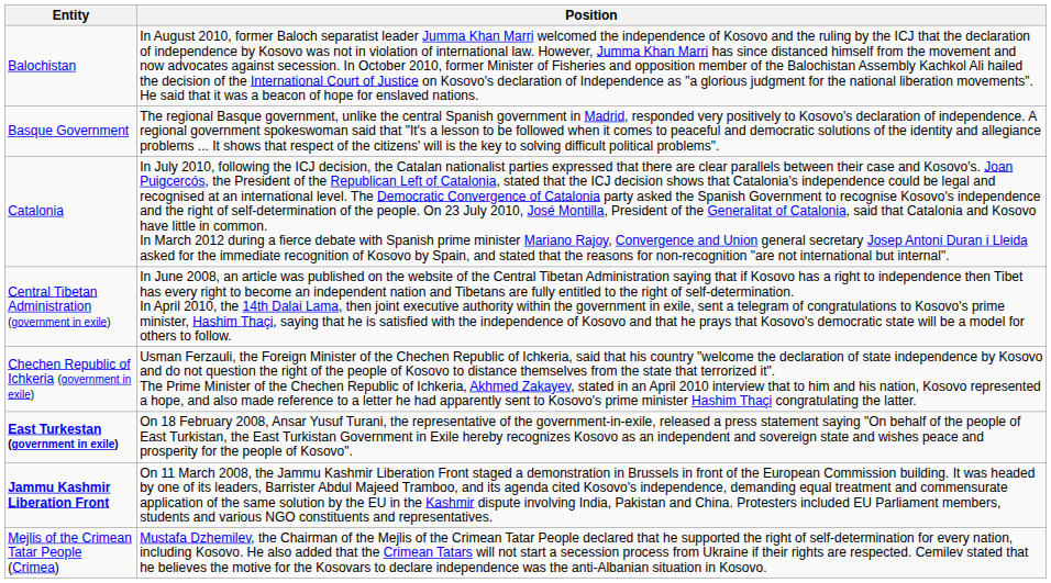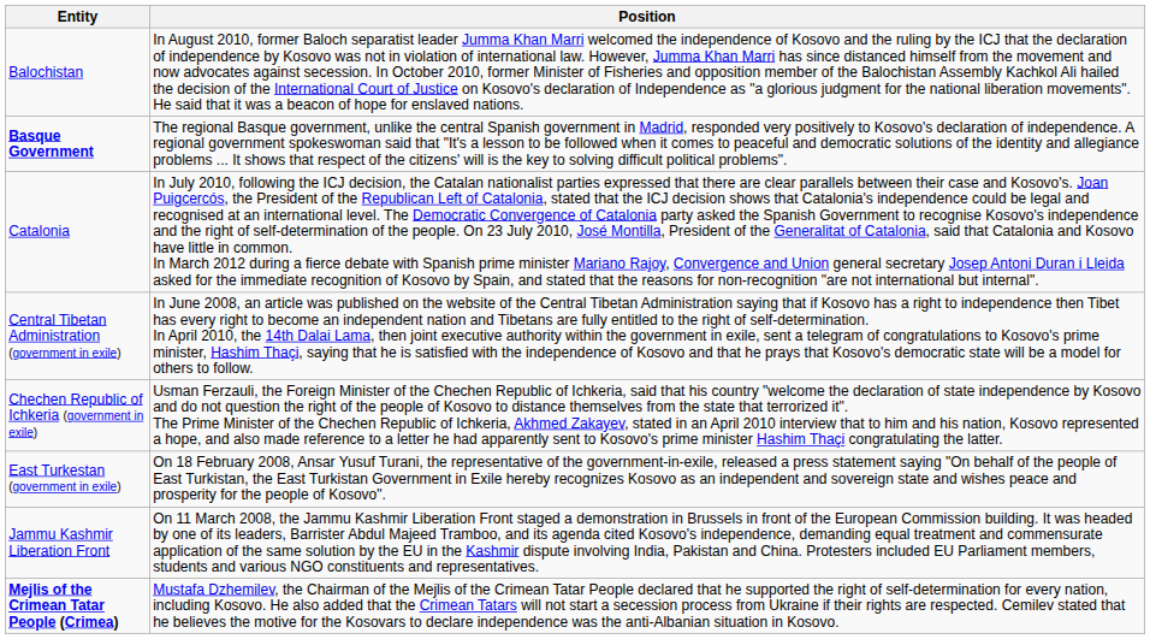 <table class="wikitable" style="margin:auto; width:100%;">
 <tr>
 <th>Entity</th>
 <th>Position</th>
 </tr>
 <tr>
 <td><a href='#'>Balochistan</a></td>
 <td>In August 2010, former Baloch separatist leader <a href='#'>Jumma Khan Marri</a> welcomed the independence of Kosovo and the ruling by the ICJ that the declaration of independence by Kosovo was not in violation of international law. However, <a href='#'>Jumma Khan Marri</a> has since distanced himself from the movement and now advocates against secession. In October 2010, former Minister of Fisheries and opposition member of the Balochistan Assembly Kachkol Ali hailed the decision of the <a href='#'>International Court of Justice</a> on Kosovo's declaration of Independence as "a glorious judgment for the national liberation movements". He said that it was a beacon of hope for enslaved nations.</td>
 </tr>
 <tr>
-<td> <a href='#'>Basque Government</a></td>
+<td><strong> <a href='#'>Basque Government</a></strong></td>
 <td>The regional Basque government, unlike the central Spanish government in <a href='#'>Madrid</a>, responded very positively to Kosovo's declaration of independence. A regional government spokeswoman said that "It's a lesson to be followed when it comes to peaceful and democratic solutions of the identity and allegiance problems ... It shows that respect of the citizens' will is the key to solving difficult political problems".</td>
 </tr>
 <tr>
 <td> <a href='#'>Catalonia</a></td>
 <td>In July 2010, following the ICJ decision, the Catalan nationalist parties expressed that there are clear parallels between their case and Kosovo's. <a href='#'>Joan Puigcercós</a>, the President of the <a href='#'>Republican Left of Catalonia</a>, stated that the ICJ decision shows that Catalonia's independence could be legal and recognised at an international level. The <a href='#'>Democratic Convergence of Catalonia</a> party asked the Spanish Government to recognise Kosovo's independence and the right of self-determination of the people. On 23 July 2010, <a href='#'>José Montilla</a>, President of the <a href='#'>Generalitat of Catalonia</a>, said that Catalonia and Kosovo have little in common.<br>In March 2012 during a fierce debate with Spanish prime minister <a href='#'>Mariano Rajoy</a>, <a href='#'>Convergence and Union</a> general secretary <a href='#'>Josep Antoni Duran i Lleida</a> asked for the immediate recognition of Kosovo by Spain, and stated that the reasons for non-recognition "are not international but internal".</td>
 </tr>
 <tr>
 <td> <a href='#'>Central Tibetan Administration</a> <small>(<a href='#'>government in exile</a>)</small></td>
 <td>In June 2008, an article was published on the website of the Central Tibetan Administration saying that if Kosovo has a right to independence then Tibet has every right to become an independent nation and Tibetans are fully entitled to the right of self-determination.<br>In April 2010, the <a href='#'>14th Dalai Lama</a>, then joint executive authority within the government in exile, sent a telegram of congratulations to Kosovo's prime minister, <a href='#'>Hashim Thaçi</a>, saying that he is satisfied with the independence of Kosovo and that he prays that Kosovo's democratic state will be a model for others to follow.</td>
 </tr>
 <tr>
 <td> <a href='#'>Chechen Republic of Ichkeria</a> <small>(<a href='#'>government in exile</a>)</small></td>
 <td>Usman Ferzauli, the Foreign Minister of the Chechen Republic of Ichkeria, said that his country "welcome the declaration of state independence by Kosovo and do not question the right of the people of Kosovo to distance themselves from the state that terrorized it".<br>The Prime Minister of the Chechen Republic of Ichkeria, <a href='#'>Akhmed Zakayev</a>, stated in an April 2010 interview that to him and his nation, Kosovo represented a hope, and also made reference to a letter he had apparently sent to Kosovo's prime minister <a href='#'>Hashim Thaçi</a> congratulating the latter.</td>
 </tr>
 <tr>
-<td><strong> <a href='#'>East Turkestan</a> <small>(<a href='#'>government in exile</a>)</small></strong></td>
+<td> <a href='#'>East Turkestan</a> <small>(<a href='#'>government in exile</a>)</small></td>
 <td>On 18 February 2008, Ansar Yusuf Turani, the representative of the government-in-exile, released a press statement saying "On behalf of the people of East Turkistan, the East Turkistan Government in Exile hereby recognizes Kosovo as an independent and sovereign state and wishes peace and prosperity for the people of Kosovo".</td>
 </tr>
 <tr>
-<td><strong> <a href='#'>Jammu Kashmir Liberation Front</a></strong></td>
+<td> <a href='#'>Jammu Kashmir Liberation Front</a></td>
 <td>On 11 March 2008, the Jammu Kashmir Liberation Front staged a demonstration in Brussels in front of the European Commission building. It was headed by one of its leaders, Barrister Abdul Majeed Tramboo, and its agenda cited Kosovo's independence, demanding equal treatment and commensurate application of the same solution by the EU in the <a href='#'>Kashmir</a> dispute involving India, Pakistan and China. Protesters included EU Parliament members, students and various NGO constituents and representatives.</td>
 </tr>
 <tr>
-<td> <a href='#'>Mejlis of the Crimean Tatar People</a> (<a href='#'>Crimea</a>)</td>
+<td><strong> <a href='#'>Mejlis of the Crimean Tatar People</a> (<a href='#'>Crimea</a>)</strong></td>
 <td><a href='#'>Mustafa Dzhemilev</a>, the Chairman of the Mejlis of the Crimean Tatar People declared that he supported the right of self-determination for every nation, including Kosovo. He also added that the <a href='#'>Crimean Tatars</a> will not start a secession process from Ukraine if their rights are respected. Cemilev stated that he believes the motive for the Kosovars to declare independence was the anti-Albanian situation in Kosovo.</td>
 </tr>
 </table>
